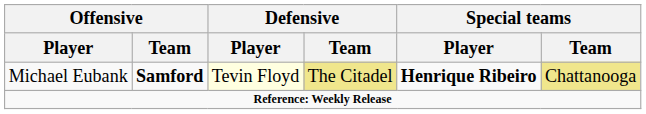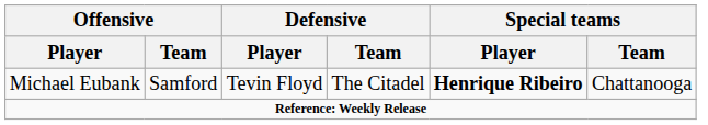 <table class="wikitable" border="1">
 <tr>
 <th colspan="2">Offensive</th>
 <th colspan="2">Defensive</th>
 <th colspan="2">Special teams</th>
 </tr>
 <tr>
 <th>Player</th>
 <th>Team</th>
 <th>Player</th>
 <th>Team</th>
 <th>Player</th>
 <th>Team</th>
 </tr>
 <tr>
 <td>Michael Eubank</td>
-<td><strong>Samford</strong></td>
-<td style="background: lightyellow;">Tevin Floyd</td>
-<td style="background: khaki;">The Citadel</td>
+<td>Samford</td>
+<td>Tevin Floyd</td>
+<td>The Citadel</td>
 <td><strong>Henrique Ribeiro</strong></td>
-<td style="background: khaki;">Chattanooga</td>
+<td>Chattanooga</td>
 </tr>
 <tr>
 <td colspan="8" style="font-size: 8pt" align="center"><strong>Reference: Weekly Release</strong></td>
 </tr>
 </table>
